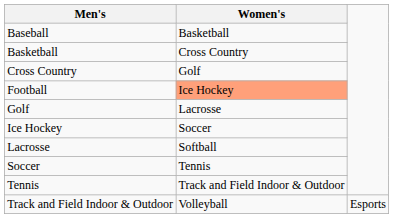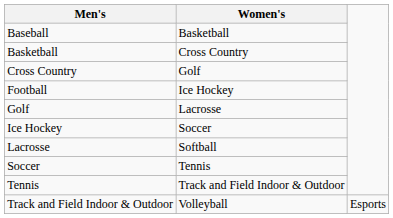 <table class="wikitable" border="1">
 <tr>
 <th>Men's</th>
 <th>Women's</th>
 </tr>
 <tr>
 <td>Baseball</td>
 <td>Basketball</td>
 </tr>
 <tr>
 <td>Basketball</td>
 <td>Cross Country</td>
 </tr>
 <tr>
 <td>Cross Country</td>
 <td>Golf</td>
 </tr>
 <tr>
 <td>Football</td>
-<td style="background: lightsalmon;">Ice Hockey</td>
+<td>Ice Hockey</td>
 </tr>
 <tr>
 <td>Golf</td>
 <td>Lacrosse</td>
 </tr>
 <tr>
 <td>Ice Hockey</td>
 <td>Soccer</td>
 </tr>
 <tr>
 <td>Lacrosse</td>
 <td>Softball</td>
 </tr>
 <tr>
 <td>Soccer</td>
 <td>Tennis</td>
 </tr>
 <tr>
 <td>Tennis</td>
 <td>Track and Field Indoor & Outdoor</td>
 </tr>
 <tr>
 <td>Track and Field Indoor & Outdoor</td>
 <td>Volleyball</td>
 <td>Esports</td>
 </tr>
 </table>
